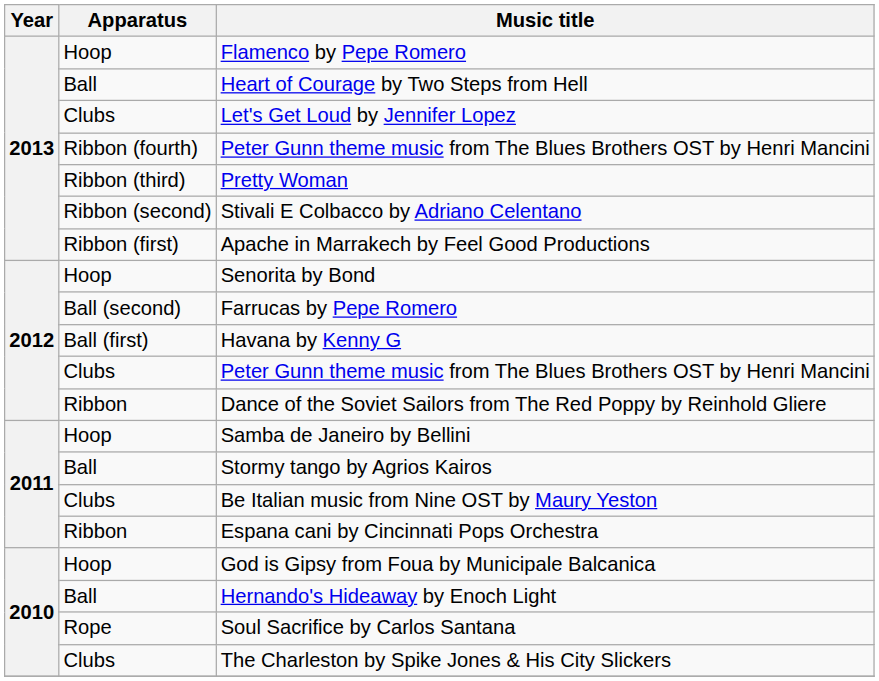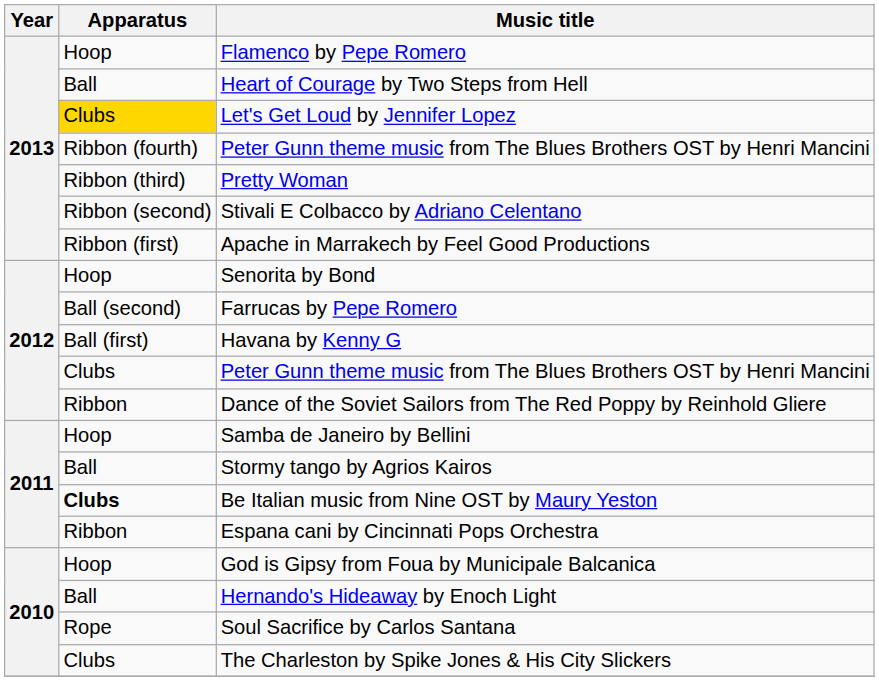 <table class="wikitable plainrowheaders">
 <tr>
 <th scope=col>Year</th>
 <th scope=col>Apparatus</th>
 <th scope=col>Music title </th>
 </tr>
 <tr>
 <th scope=row rowspan=7>2013</th>
 <td>Hoop</td>
 <td><a href='#'>Flamenco</a> by <a href='#'>Pepe Romero</a></td>
 </tr>
 <tr>
 <td>Ball</td>
 <td><a href='#'>Heart of Courage</a> by Two Steps from Hell</td>
 </tr>
 <tr>
-<td>Clubs</td>
+<td style="background: gold;">Clubs</td>
 <td><a href='#'>Let's Get Loud</a> by <a href='#'>Jennifer Lopez</a></td>
 </tr>
 <tr>
 <td>Ribbon (fourth)</td>
 <td><a href='#'>Peter Gunn theme music</a> from The Blues Brothers OST by Henri Mancini</td>
 </tr>
 <tr>
 <td>Ribbon (third)</td>
 <td><a href='#'>Pretty Woman</a></td>
 </tr>
 <tr>
 <td>Ribbon (second)</td>
 <td>Stivali E Colbacco by <a href='#'>Adriano Celentano</a></td>
 </tr>
 <tr>
 <td>Ribbon (first)</td>
 <td>Apache in Marrakech by Feel Good Productions</td>
 </tr>
 <tr>
 <th scope=row rowspan=5>2012</th>
 <td>Hoop</td>
 <td>Senorita by Bond</td>
 </tr>
 <tr>
 <td>Ball (second)</td>
 <td>Farrucas by <a href='#'>Pepe Romero</a></td>
 </tr>
 <tr>
 <td>Ball (first)</td>
 <td>Havana by <a href='#'>Kenny G</a></td>
 </tr>
 <tr>
 <td>Clubs</td>
 <td><a href='#'>Peter Gunn theme music</a> from The Blues Brothers OST by Henri Mancini</td>
 </tr>
 <tr>
 <td>Ribbon</td>
 <td>Dance of the Soviet Sailors from The Red Poppy by Reinhold Gliere</td>
 </tr>
 <tr>
 <th scope=row rowspan=4>2011</th>
 <td>Hoop</td>
 <td>Samba de Janeiro by Bellini</td>
 </tr>
 <tr>
 <td>Ball</td>
 <td>Stormy tango by Agrios Kairos</td>
 </tr>
 <tr>
-<td>Clubs</td>
+<td><strong>Clubs</strong></td>
 <td>Be Italian music from Nine OST by <a href='#'>Maury Yeston</a></td>
 </tr>
 <tr>
 <td>Ribbon</td>
 <td>Espana cani by Cincinnati Pops Orchestra</td>
 </tr>
 <tr>
 <th scope=row rowspan=4>2010</th>
 <td>Hoop</td>
 <td>God is Gipsy from Foua by Municipale Balcanica</td>
 </tr>
 <tr>
 <td>Ball</td>
 <td><a href='#'>Hernando's Hideaway</a> by Enoch Light</td>
 </tr>
 <tr>
 <td>Rope</td>
 <td>Soul Sacrifice by Carlos Santana</td>
 </tr>
 <tr>
 <td>Clubs</td>
 <td>The Charleston	by Spike Jones & His City Slickers</td>
 </tr>
 <tr>
 </tr>
 </table>
